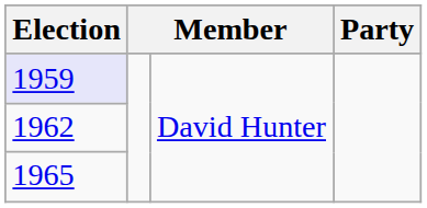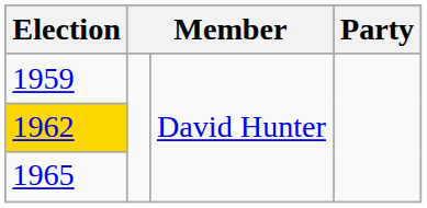 <table class="wikitable">
 <tr>
 <th>Election</th>
 <th colspan="2"><strong>Member</strong></th>
 <th><strong>Party</strong></th>
 </tr>
 <tr>
-<td style="background: lavender;"><a href='#'>1959</a></td>
+<td><a href='#'>1959</a></td>
 <td rowspan="3" > </td>
 <td rowspan="3"><a href='#'>David Hunter</a></td>
 <td rowspan="3"></td>
 </tr>
 <tr>
-<td><a href='#'>1962</a></td>
+<td style="background: gold;"><a href='#'>1962</a></td>
 </tr>
 <tr>
 <td><a href='#'>1965</a></td>
 </tr>
 </table>
